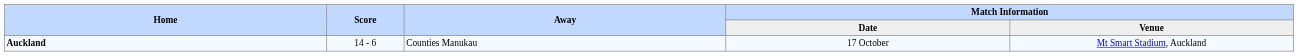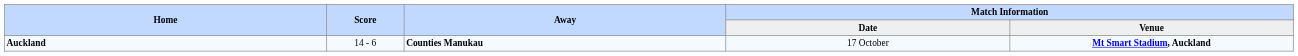 <table border=1 style="border-collapse:collapse; font-size:90%; text-align:center;" cellpadding=3 cellspacing=0 width=100%>
 <tr bgcolor=#C1D8FF>
 <th rowspan=2 width=25%>Home</th>
 <th rowspan=2 width=6%>Score</th>
 <th rowspan=2 width=25%>Away</th>
 <th colspan=6>Match Information</th>
 </tr>
 <tr bgcolor=#EFEFEF>
 <th width=22%>Date</th>
 <th width=22%>Venue</th>
 </tr>
 <tr bgcolor=#F5FAFF>
 <td align=left><strong>Auckland</strong></td>
 <td>14 - 6</td>
-<td align=left>Counties Manukau</td>
+<td align=left><strong>Counties Manukau</strong></td>
 <td>17 October</td>
-<td><a href='#'>Mt Smart Stadium</a>, Auckland</td>
+<td><strong><a href='#'>Mt Smart Stadium</a>, Auckland</strong></td>
 </tr>
 </table>
